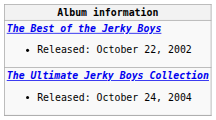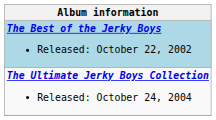 <table class="wikitable">
 <tr>
 <th align="left">Album information</th>
 </tr>
 <tr>
-<td align="left"><strong><em><a href='#'>The Best of the Jerky Boys</a></em></strong><br><ul><li>Released: October 22, 2002</li></ul></td>
+<td align="left" style="background: lightblue;"><strong><em><a href='#'>The Best of the Jerky Boys</a></em></strong><br><ul><li>Released: October 22, 2002</li></ul></td>
 </tr>
 <tr>
 <td align="left"><strong><em><a href='#'>The Ultimate Jerky Boys Collection</a></em></strong><br><ul><li>Released: October 24, 2004</li></ul></td>
 </tr>
 <tr>
 </tr>
 </table>
